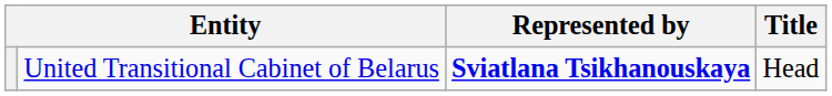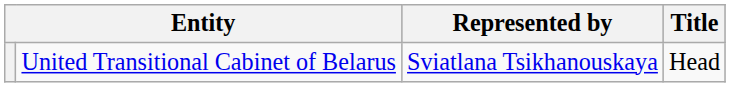 <table class="wikitable plainrowheaders">
 <tr>
 <th scope="col" colspan="2">Entity</th>
 <th scope="col">Represented by</th>
 <th scope="col">Title</th>
 </tr>
 <tr>
 <th></th>
 <td><a href='#'>United Transitional Cabinet of Belarus</a></td>
-<td><strong><a href='#'>Sviatlana Tsikhanouskaya</a></strong></td>
+<td><a href='#'>Sviatlana Tsikhanouskaya</a></td>
 <td>Head</td>
 </tr>
 </table>
